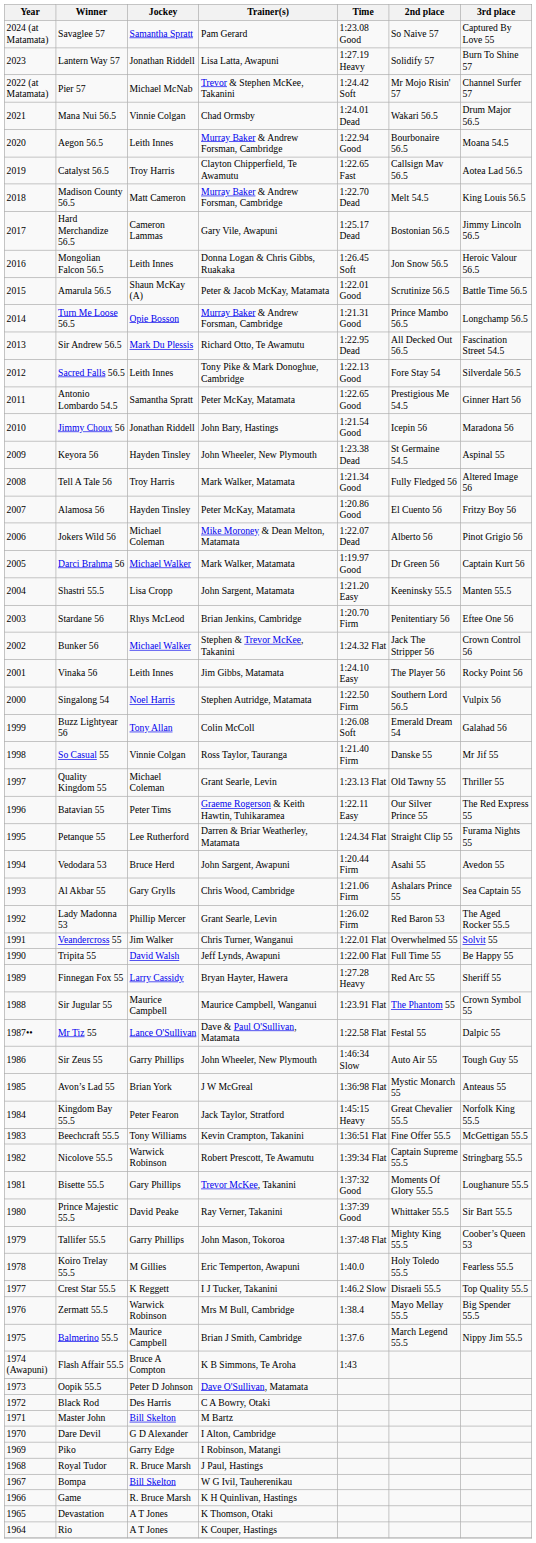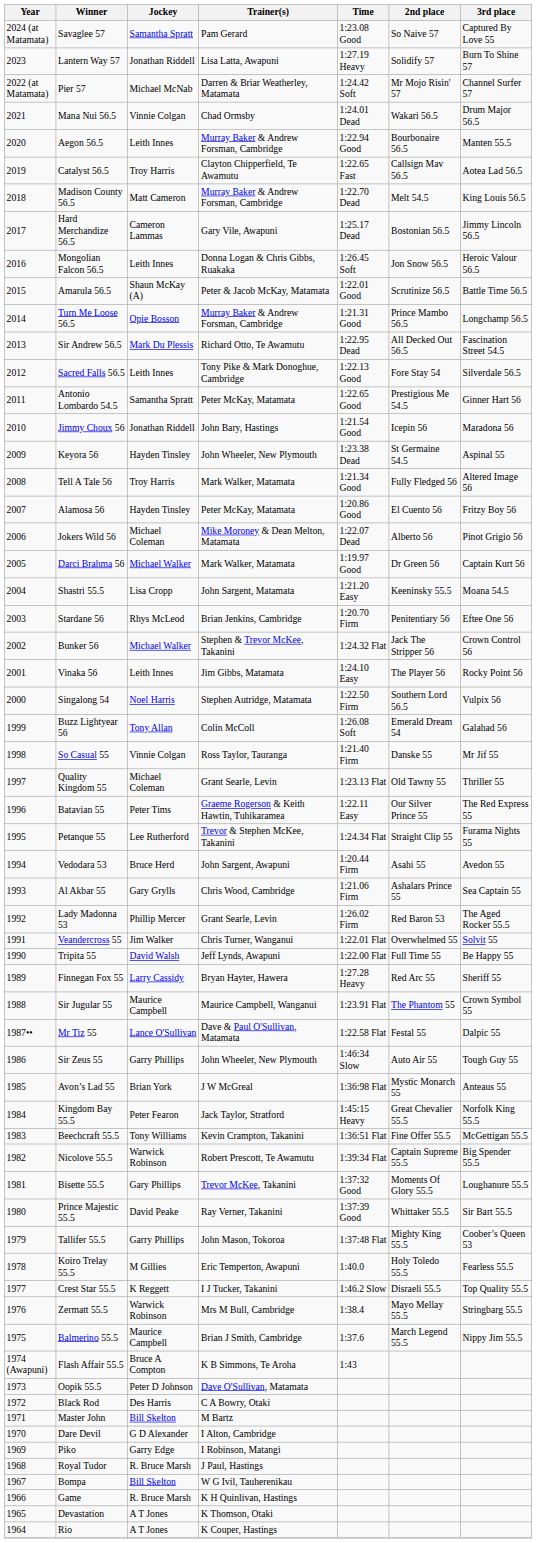 <table class="wikitable sortable" style="font-size:90%">
 <tr>
 <th style="width:70px">Year<br></th>
 <th style="width:100px">Winner<br></th>
 <th style="width:100px">Jockey<br></th>
 <th style="width:200px">Trainer(s)<br></th>
 <th style="width:70px">Time<br></th>
 <th style="width:100px">2nd place<br></th>
 <th style="width:100px">3rd place<br></th>
 </tr>
 <tr>
 <td>2024 (at Matamata)</td>
 <td>Savaglee 57</td>
 <td><a href='#'>Samantha Spratt</a></td>
 <td>Pam Gerard</td>
 <td>1:23.08 Good</td>
 <td>So Naive 57</td>
 <td>Captured By Love 55</td>
 </tr>
 <tr>
 <td>2023 </td>
 <td>Lantern Way 57</td>
 <td>Jonathan Riddell</td>
 <td>Lisa Latta, Awapuni</td>
 <td>1:27.19 Heavy</td>
 <td>Solidify 57</td>
 <td>Burn To Shine 57</td>
 </tr>
 <tr>
 <td>2022  (at Matamata)</td>
 <td>Pier 57</td>
 <td>Michael McNab</td>
-<td><a href='#'>Trevor</a> & Stephen McKee, Takanini</td>
+<td>Darren & Briar Weatherley, Matamata</td>
 <td>1:24.42 Soft</td>
 <td>Mr Mojo Risin' 57</td>
 <td>Channel Surfer 57</td>
 </tr>
 <tr>
 <td>2021 </td>
 <td>Mana Nui 56.5</td>
 <td>Vinnie Colgan</td>
 <td>Chad Ormsby</td>
 <td>1:24.01 Dead</td>
 <td>Wakari 56.5</td>
 <td>Drum Major 56.5</td>
 </tr>
 <tr>
 <td>2020 </td>
 <td>Aegon 56.5</td>
 <td>Leith Innes</td>
 <td><a href='#'>Murray Baker</a> & Andrew Forsman, Cambridge</td>
 <td>1:22.94 Good</td>
 <td>Bourbonaire 56.5</td>
-<td>Moana 54.5</td>
+<td>Manten 55.5</td>
 </tr>
 <tr>
 <td>2019 </td>
 <td>Catalyst 56.5</td>
 <td>Troy Harris</td>
 <td>Clayton Chipperfield, Te Awamutu</td>
 <td>1:22.65 Fast</td>
 <td>Callsign Mav 56.5</td>
 <td>Aotea Lad 56.5</td>
 </tr>
 <tr>
 <td>2018 </td>
 <td>Madison County 56.5</td>
 <td>Matt Cameron</td>
 <td><a href='#'>Murray Baker</a> & Andrew Forsman, Cambridge</td>
 <td>1:22.70 Dead</td>
 <td>Melt 54.5</td>
 <td>King Louis 56.5</td>
 </tr>
 <tr>
 <td>2017 </td>
 <td>Hard Merchandize 56.5</td>
 <td>Cameron Lammas</td>
 <td>Gary Vile, Awapuni</td>
 <td>1:25.17 Dead</td>
 <td>Bostonian 56.5</td>
 <td>Jimmy Lincoln 56.5</td>
 </tr>
 <tr>
 <td>2016</td>
 <td>Mongolian Falcon 56.5</td>
 <td>Leith Innes</td>
 <td>Donna Logan & Chris Gibbs, Ruakaka</td>
 <td>1:26.45 Soft</td>
 <td>Jon Snow 56.5</td>
 <td>Heroic Valour 56.5</td>
 </tr>
 <tr>
 <td>2015</td>
 <td>Amarula 56.5</td>
 <td>Shaun McKay (A)</td>
 <td>Peter & Jacob McKay, Matamata</td>
 <td>1:22.01 Good</td>
 <td>Scrutinize 56.5</td>
 <td>Battle Time 56.5</td>
 </tr>
 <tr>
 <td>2014</td>
 <td><a href='#'>Turn Me Loose</a> 56.5</td>
 <td><a href='#'>Opie Bosson</a></td>
 <td><a href='#'>Murray Baker</a> & Andrew Forsman, Cambridge</td>
 <td>1:21.31 Good</td>
 <td>Prince Mambo 56.5</td>
 <td>Longchamp 56.5</td>
 </tr>
 <tr>
 <td>2013</td>
 <td>Sir Andrew 56.5</td>
 <td><a href='#'>Mark Du Plessis</a></td>
 <td>Richard Otto, Te Awamutu</td>
 <td>1:22.95 Dead</td>
 <td>All Decked Out 56.5</td>
 <td>Fascination Street 54.5</td>
 </tr>
 <tr>
 <td>2012</td>
 <td><a href='#'>Sacred Falls</a> 56.5</td>
 <td>Leith Innes</td>
 <td>Tony Pike & Mark Donoghue, Cambridge</td>
 <td>1:22.13 Good</td>
 <td>Fore Stay 54</td>
 <td>Silverdale 56.5</td>
 </tr>
 <tr>
 <td>2011</td>
 <td>Antonio Lombardo 54.5</td>
 <td>Samantha Spratt</td>
 <td>Peter McKay, Matamata</td>
 <td>1:22.65 Good</td>
 <td>Prestigious Me 54.5</td>
 <td>Ginner Hart 56</td>
 </tr>
 <tr>
 <td>2010</td>
 <td><a href='#'>Jimmy Choux</a> 56</td>
 <td>Jonathan Riddell</td>
 <td>John Bary, Hastings</td>
 <td>1:21.54 Good</td>
 <td>Icepin 56</td>
 <td>Maradona 56</td>
 </tr>
 <tr>
 <td>2009</td>
 <td>Keyora 56</td>
 <td>Hayden Tinsley</td>
 <td>John Wheeler, New Plymouth</td>
 <td>1:23.38 Dead</td>
 <td>St Germaine 54.5</td>
 <td>Aspinal 55</td>
 </tr>
 <tr>
 <td>2008</td>
 <td>Tell A Tale 56</td>
 <td>Troy Harris</td>
 <td>Mark Walker, Matamata</td>
 <td>1:21.34 Good</td>
 <td>Fully Fledged 56</td>
 <td>Altered Image 56</td>
 </tr>
 <tr>
 <td>2007</td>
 <td>Alamosa 56</td>
 <td>Hayden Tinsley</td>
 <td>Peter McKay, Matamata</td>
 <td>1:20.86 Good</td>
 <td>El Cuento 56</td>
 <td>Fritzy Boy 56</td>
 </tr>
 <tr>
 <td>2006</td>
 <td>Jokers Wild 56</td>
 <td>Michael Coleman</td>
 <td><a href='#'>Mike Moroney</a> & Dean Melton, Matamata</td>
 <td>1:22.07 Dead</td>
 <td>Alberto 56</td>
 <td>Pinot Grigio 56</td>
 </tr>
 <tr>
 <td>2005</td>
 <td><a href='#'>Darci Brahma</a> 56</td>
 <td><a href='#'>Michael Walker</a></td>
 <td>Mark Walker, Matamata</td>
 <td>1:19.97 Good</td>
 <td>Dr Green 56</td>
 <td>Captain Kurt 56</td>
 </tr>
 <tr>
 <td>2004</td>
 <td>Shastri 55.5</td>
 <td>Lisa Cropp</td>
 <td>John Sargent, Matamata</td>
 <td>1:21.20 Easy</td>
 <td>Keeninsky 55.5</td>
-<td>Manten 55.5</td>
+<td>Moana 54.5</td>
 </tr>
 <tr>
 <td>2003</td>
 <td>Stardane 56</td>
 <td>Rhys McLeod</td>
 <td>Brian Jenkins, Cambridge</td>
 <td>1:20.70 Firm</td>
 <td>Penitentiary 56</td>
 <td>Eftee One 56</td>
 </tr>
 <tr>
 <td>2002</td>
 <td>Bunker 56</td>
 <td><a href='#'>Michael Walker</a></td>
 <td>Stephen & <a href='#'>Trevor McKee</a>, Takanini</td>
 <td>1:24.32 Flat</td>
 <td>Jack The Stripper 56</td>
 <td>Crown Control 56</td>
 </tr>
 <tr>
 <td>2001</td>
 <td>Vinaka 56</td>
 <td>Leith Innes</td>
 <td>Jim Gibbs, Matamata</td>
 <td>1:24.10 Easy</td>
 <td>The Player 56</td>
 <td>Rocky Point 56</td>
 </tr>
 <tr>
 <td>2000</td>
 <td>Singalong 54</td>
 <td><a href='#'>Noel Harris</a></td>
 <td>Stephen Autridge, Matamata</td>
 <td>1:22.50 Firm</td>
 <td>Southern Lord 56.5</td>
 <td>Vulpix 56</td>
 </tr>
 <tr>
 <td>1999</td>
 <td>Buzz Lightyear 56</td>
 <td><a href='#'>Tony Allan</a></td>
 <td>Colin McColl</td>
 <td>1:26.08 Soft</td>
 <td>Emerald Dream 54</td>
 <td>Galahad 56</td>
 </tr>
 <tr>
 <td>1998</td>
 <td><a href='#'>So Casual</a> 55</td>
 <td>Vinnie Colgan</td>
 <td>Ross Taylor, Tauranga</td>
 <td>1:21.40 Firm</td>
 <td>Danske 55</td>
 <td>Mr Jif 55</td>
 </tr>
 <tr>
 <td>1997</td>
 <td>Quality Kingdom 55</td>
 <td>Michael Coleman</td>
 <td>Grant Searle, Levin</td>
 <td>1:23.13 Flat</td>
 <td>Old Tawny 55</td>
 <td>Thriller 55</td>
 </tr>
 <tr>
 <td>1996</td>
 <td>Batavian 55</td>
 <td>Peter Tims</td>
 <td><a href='#'>Graeme Rogerson</a> & Keith Hawtin, Tuhikaramea</td>
 <td>1:22.11 Easy</td>
 <td>Our Silver Prince 55</td>
 <td>The Red Express 55</td>
 </tr>
 <tr>
 <td>1995</td>
 <td>Petanque 55</td>
 <td>Lee Rutherford</td>
-<td>Darren & Briar Weatherley, Matamata</td>
+<td><a href='#'>Trevor</a> & Stephen McKee, Takanini</td>
 <td>1:24.34 Flat</td>
 <td>Straight Clip 55</td>
 <td>Furama Nights 55</td>
 </tr>
 <tr>
 <td>1994</td>
 <td>Vedodara 53</td>
 <td>Bruce Herd</td>
 <td>John Sargent, Awapuni</td>
 <td>1:20.44 Firm</td>
 <td>Asahi 55</td>
 <td>Avedon 55</td>
 </tr>
 <tr>
 <td>1993</td>
 <td>Al Akbar 55</td>
 <td>Gary Grylls</td>
 <td>Chris Wood, Cambridge</td>
 <td>1:21.06 Firm</td>
 <td>Ashalars Prince 55</td>
 <td>Sea Captain 55</td>
 </tr>
 <tr>
 <td>1992</td>
 <td>Lady Madonna 53</td>
 <td>Phillip Mercer</td>
 <td>Grant Searle, Levin</td>
 <td>1:26.02 Firm</td>
 <td>Red Baron 53</td>
 <td>The Aged Rocker 55.5</td>
 </tr>
 <tr>
 <td>1991</td>
 <td><a href='#'>Veandercross</a> 55</td>
 <td>Jim Walker</td>
 <td>Chris Turner, Wanganui</td>
 <td>1:22.01 Flat</td>
 <td>Overwhelmed 55</td>
 <td><a href='#'>Solvit</a> 55</td>
 </tr>
 <tr>
 <td>1990</td>
 <td>Tripita 55</td>
 <td><a href='#'>David Walsh</a></td>
 <td>Jeff Lynds, Awapuni</td>
 <td>1:22.00 Flat</td>
 <td>Full Time 55</td>
 <td>Be Happy 55</td>
 </tr>
 <tr>
 <td>1989</td>
 <td>Finnegan Fox 55</td>
 <td><a href='#'>Larry Cassidy</a></td>
 <td>Bryan Hayter, Hawera</td>
 <td>1:27.28 Heavy</td>
 <td>Red Arc 55</td>
 <td>Sheriff 55</td>
 </tr>
 <tr>
 <td>1988</td>
 <td>Sir Jugular 55</td>
 <td>Maurice Campbell</td>
 <td>Maurice Campbell, Wanganui</td>
 <td>1:23.91 Flat</td>
 <td><a href='#'>The Phantom</a> 55</td>
 <td>Crown Symbol 55</td>
 </tr>
 <tr>
 <td>1987••</td>
 <td><a href='#'>Mr Tiz</a> 55</td>
 <td><a href='#'>Lance O'Sullivan</a></td>
 <td>Dave & <a href='#'>Paul O'Sullivan</a>, Matamata</td>
 <td>1:22.58 Flat</td>
 <td>Festal 55</td>
 <td>Dalpic 55</td>
 </tr>
 <tr>
 <td>1986</td>
 <td>Sir Zeus 55</td>
 <td>Garry Phillips</td>
 <td>John Wheeler, New Plymouth</td>
 <td>1:46:34 Slow</td>
 <td>Auto Air 55</td>
 <td>Tough Guy 55</td>
 </tr>
 <tr>
 <td>1985</td>
 <td>Avon’s Lad 55</td>
 <td>Brian York</td>
 <td>J W McGreal</td>
 <td>1:36:98 Flat</td>
 <td>Mystic Monarch 55</td>
 <td>Anteaus 55</td>
 </tr>
 <tr>
 <td>1984</td>
 <td>Kingdom Bay 55.5</td>
 <td>Peter Fearon</td>
 <td>Jack Taylor, Stratford</td>
 <td>1:45:15 Heavy</td>
 <td>Great Chevalier 55.5</td>
 <td>Norfolk King 55.5</td>
 </tr>
 <tr>
 <td>1983</td>
 <td>Beechcraft 55.5</td>
 <td>Tony Williams</td>
 <td>Kevin Crampton, Takanini</td>
 <td>1:36:51 Flat</td>
 <td>Fine Offer 55.5</td>
 <td>McGettigan 55.5</td>
 </tr>
 <tr>
 <td>1982</td>
 <td>Nicolove 55.5</td>
 <td>Warwick Robinson</td>
 <td>Robert Prescott, Te Awamutu</td>
 <td>1:39:34 Flat</td>
 <td>Captain Supreme 55.5</td>
-<td>Stringbarg 55.5</td>
+<td>Big Spender 55.5</td>
 </tr>
 <tr>
 <td>1981</td>
 <td>Bisette 55.5</td>
 <td>Gary Phillips</td>
 <td><a href='#'>Trevor McKee</a>, Takanini</td>
 <td>1:37:32 Good</td>
 <td>Moments Of Glory 55.5</td>
 <td>Loughanure 55.5</td>
 </tr>
 <tr>
 <td>1980</td>
 <td>Prince Majestic 55.5</td>
 <td>David Peake</td>
 <td>Ray Verner, Takanini</td>
 <td>1:37:39 Good</td>
 <td>Whittaker 55.5</td>
 <td>Sir Bart 55.5</td>
 </tr>
 <tr>
 <td>1979</td>
 <td>Tallifer 55.5</td>
 <td>Garry Phillips</td>
 <td>John Mason, Tokoroa</td>
 <td>1:37:48 Flat</td>
 <td>Mighty King 55.5</td>
 <td>Coober’s Queen 53</td>
 </tr>
 <tr>
 <td>1978</td>
 <td>Koiro Trelay 55.5</td>
 <td>M Gillies</td>
 <td>Eric Temperton, Awapuni</td>
 <td>1:40.0</td>
 <td>Holy Toledo 55.5</td>
 <td>Fearless 55.5</td>
 </tr>
 <tr>
 <td>1977</td>
 <td>Crest Star 55.5</td>
 <td>K Reggett</td>
 <td>I J Tucker, Takanini</td>
 <td>1:46.2 Slow</td>
 <td>Disraeli 55.5</td>
 <td>Top Quality 55.5</td>
 </tr>
 <tr>
 <td>1976</td>
 <td>Zermatt 55.5</td>
 <td>Warwick Robinson</td>
 <td>Mrs M Bull, Cambridge</td>
 <td>1:38.4</td>
 <td>Mayo Mellay 55.5</td>
-<td>Big Spender 55.5</td>
+<td>Stringbarg 55.5</td>
 </tr>
 <tr>
 <td>1975</td>
 <td><a href='#'>Balmerino</a> 55.5</td>
 <td>Maurice Campbell</td>
 <td>Brian J Smith, Cambridge</td>
 <td>1:37.6</td>
 <td>March Legend 55.5</td>
 <td>Nippy Jim 55.5</td>
 </tr>
 <tr>
 <td>1974 (Awapuni)</td>
 <td>Flash Affair 55.5</td>
 <td>Bruce A Compton</td>
 <td>K B Simmons, Te Aroha</td>
 <td>1:43</td>
 <td></td>
 <td></td>
 </tr>
 <tr>
 <td>1973</td>
 <td>Oopik 55.5</td>
 <td>Peter D Johnson</td>
 <td><a href='#'>Dave O'Sullivan</a>, Matamata</td>
 <td></td>
 <td></td>
 <td></td>
 </tr>
 <tr>
 <td>1972</td>
 <td>Black Rod</td>
 <td>Des Harris</td>
 <td>C A Bowry, Otaki</td>
 <td></td>
 <td></td>
 <td></td>
 </tr>
 <tr>
 <td>1971</td>
 <td>Master John</td>
 <td><a href='#'>Bill Skelton</a></td>
 <td>M Bartz</td>
 <td></td>
 <td></td>
 <td></td>
 </tr>
 <tr>
 <td>1970</td>
 <td>Dare Devil</td>
 <td>G D Alexander</td>
 <td>I Alton, Cambridge</td>
 <td></td>
 <td></td>
 <td></td>
 </tr>
 <tr>
 <td>1969</td>
 <td>Piko</td>
 <td>Garry Edge</td>
 <td>I Robinson, Matangi</td>
 <td></td>
 <td></td>
 <td></td>
 </tr>
 <tr>
 <td>1968</td>
 <td>Royal Tudor</td>
 <td>R. Bruce Marsh</td>
 <td>J Paul, Hastings</td>
 <td></td>
 <td></td>
 <td></td>
 </tr>
 <tr>
 <td>1967</td>
 <td>Bompa</td>
 <td><a href='#'>Bill Skelton</a></td>
 <td>W G Ivil, Tauherenikau</td>
 <td></td>
 <td></td>
 <td></td>
 </tr>
 <tr>
 <td>1966</td>
 <td>Game</td>
 <td>R. Bruce Marsh</td>
 <td>K H Quinlivan, Hastings</td>
 <td></td>
 <td></td>
 <td></td>
 </tr>
 <tr>
 <td>1965</td>
 <td>Devastation</td>
 <td>A T Jones</td>
 <td>K Thomson, Otaki</td>
 <td></td>
 <td></td>
 <td></td>
 </tr>
 <tr>
 <td>1964</td>
 <td>Rio</td>
 <td>A T Jones</td>
 <td>K Couper, Hastings</td>
 <td></td>
 <td></td>
 <td></td>
 </tr>
 <tr>
 </tr>
 </table>
